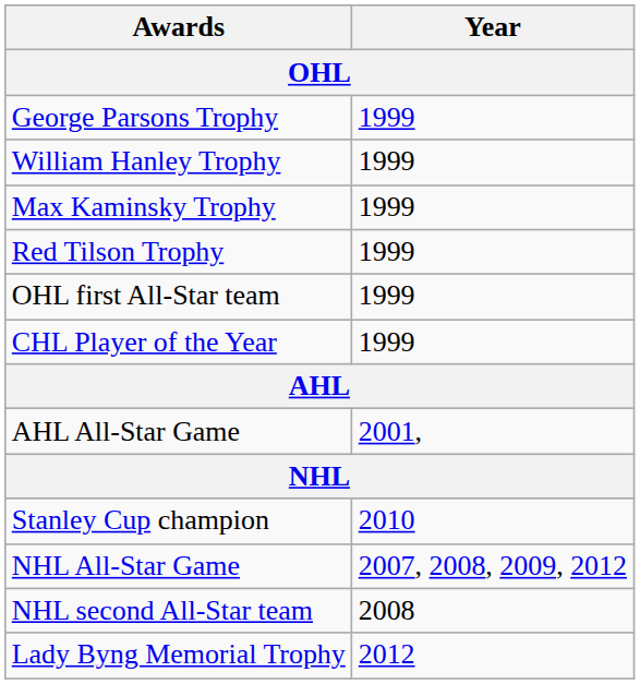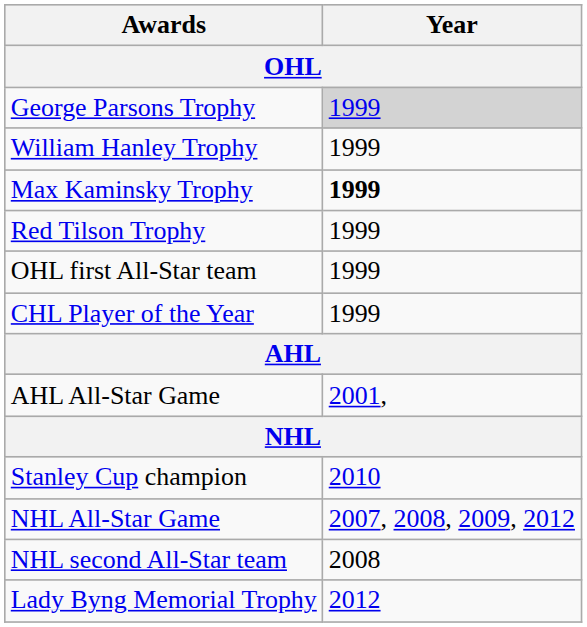 <table class="wikitable">
 <tr>
 <th>Awards</th>
 <th>Year</th>
 </tr>
 <tr>
 <th colspan="3"><a href='#'>OHL</a></th>
 </tr>
 <tr>
 <td><a href='#'>George Parsons Trophy</a></td>
-<td><a href='#'>1999</a></td>
+<td style="background: lightgrey;"><a href='#'>1999</a></td>
 </tr>
 <tr>
 <td><a href='#'>William Hanley Trophy</a></td>
 <td>1999</td>
 </tr>
 <tr>
 <td><a href='#'>Max Kaminsky Trophy</a></td>
-<td>1999</td>
+<td><strong>1999</strong></td>
 </tr>
 <tr>
 <td><a href='#'>Red Tilson Trophy</a></td>
 <td>1999</td>
 </tr>
 <tr>
 <td>OHL first All-Star team</td>
 <td>1999</td>
 </tr>
 <tr>
 <td><a href='#'>CHL Player of the Year</a></td>
 <td>1999</td>
 </tr>
 <tr>
 <th colspan="3"><a href='#'>AHL</a></th>
 </tr>
 <tr>
 <td>AHL All-Star Game</td>
 <td><a href='#'>2001</a>,</td>
 </tr>
 <tr>
 <th colspan="3"><a href='#'>NHL</a></th>
 </tr>
 <tr>
 <td><a href='#'>Stanley Cup</a> champion</td>
 <td><a href='#'>2010</a></td>
 </tr>
 <tr>
 <td><a href='#'>NHL All-Star Game</a></td>
 <td><a href='#'>2007</a>, <a href='#'>2008</a>, <a href='#'>2009</a>, <a href='#'>2012</a></td>
 </tr>
 <tr>
 <td><a href='#'>NHL second All-Star team</a></td>
 <td>2008</td>
 </tr>
 <tr>
 <td><a href='#'>Lady Byng Memorial Trophy</a></td>
 <td><a href='#'>2012</a></td>
 </tr>
 </table>
